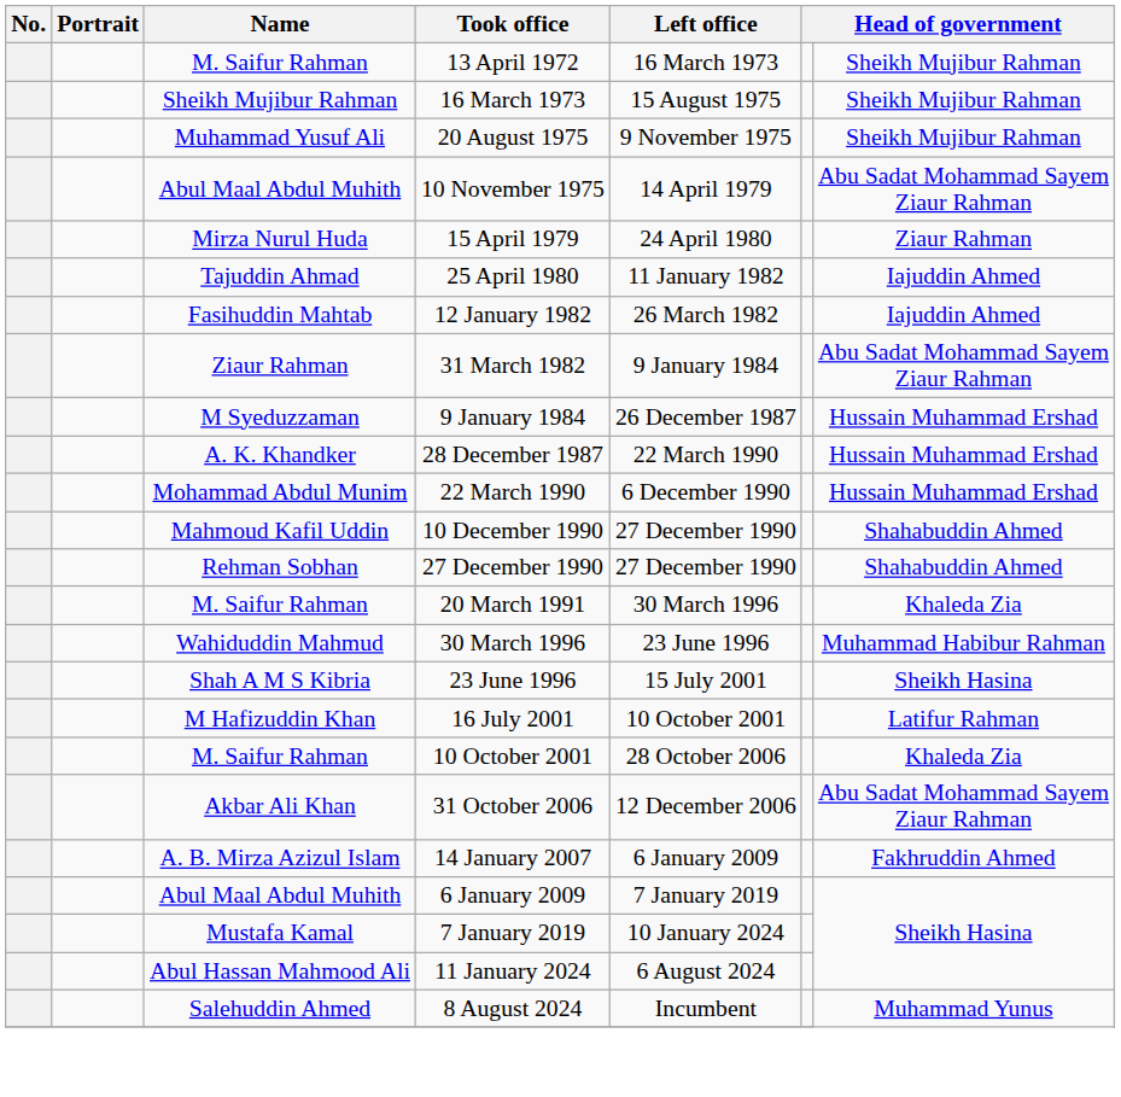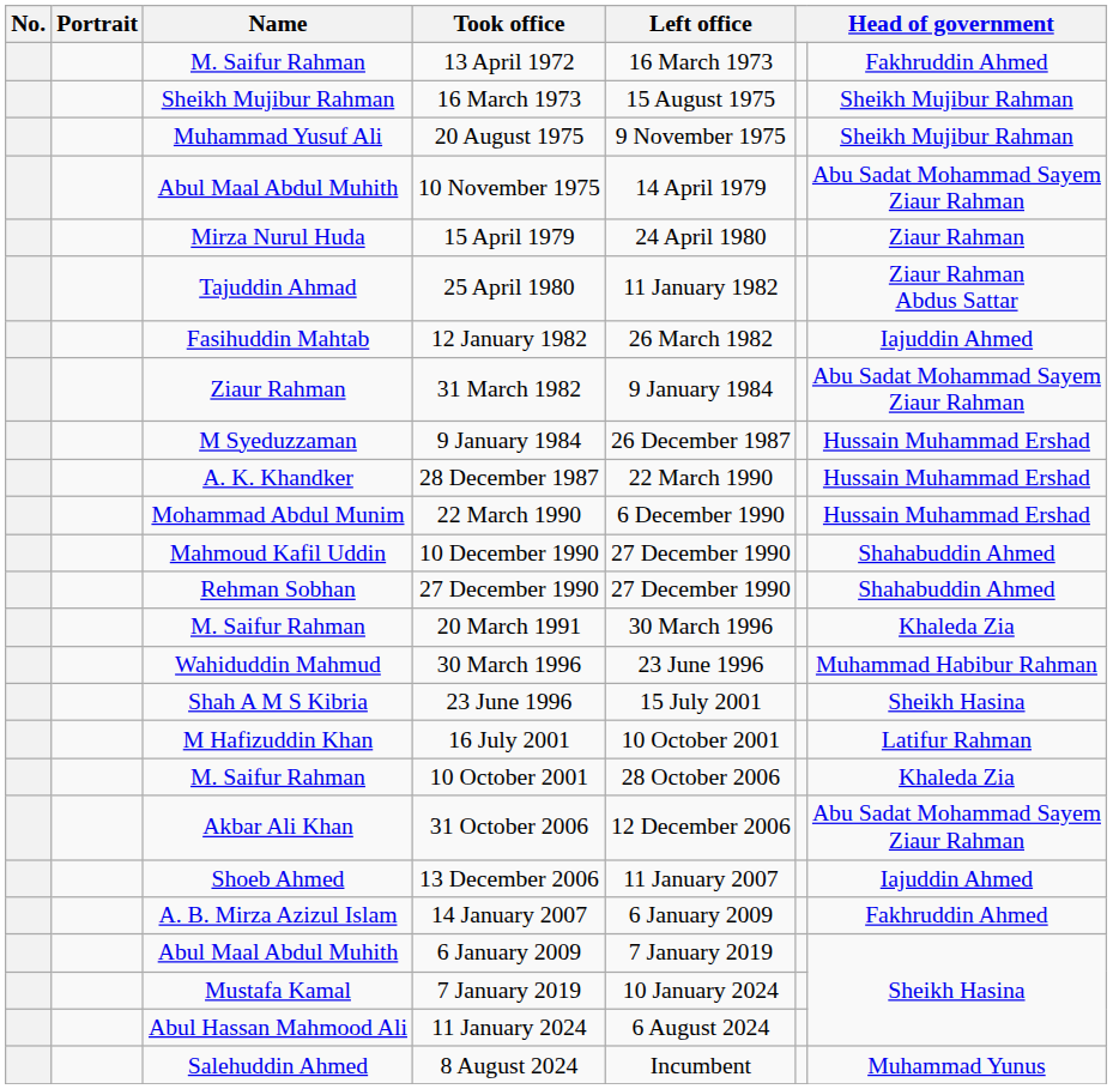 <table class="wikitable" style="clear:right; text-align:center"|}>
 <tr>
 <th>No.</th>
 <th>Portrait</th>
 <th>Name</th>
 <th>Took office</th>
 <th>Left office</th>
 <th colspan="2"><a href='#'>Head of government</a></th>
 </tr>
 <tr>
 <th></th>
 <td></td>
 <td><a href='#'>M. Saifur Rahman</a></td>
 <td>13 April 1972</td>
 <td>16 March 1973</td>
 <td style="background: "></td>
-<td><a href='#'>Sheikh Mujibur Rahman</a></td>
+<td><a href='#'>Fakhruddin Ahmed</a></td>
 </tr>
 <tr>
 <th></th>
 <td></td>
 <td><a href='#'>Sheikh Mujibur Rahman</a></td>
 <td>16 March 1973</td>
 <td>15 August 1975</td>
 <td style="background: "></td>
 <td><a href='#'>Sheikh Mujibur Rahman</a></td>
 </tr>
 <tr>
 <th></th>
 <td></td>
 <td><a href='#'>Muhammad Yusuf Ali</a></td>
 <td>20 August 1975</td>
 <td>9 November 1975</td>
 <td style="background: "></td>
 <td><a href='#'>Sheikh Mujibur Rahman</a></td>
 </tr>
 <tr>
 <th></th>
 <td></td>
 <td><a href='#'>Abul Maal Abdul Muhith</a></td>
 <td>10 November 1975</td>
 <td>14 April 1979</td>
 <td style="background: "></td>
 <td><a href='#'>Abu Sadat Mohammad Sayem</a><br><a href='#'>Ziaur Rahman</a></td>
 </tr>
 <tr>
 <th></th>
 <td></td>
 <td><a href='#'>Mirza Nurul Huda</a></td>
 <td>15 April 1979</td>
 <td>24 April 1980</td>
 <td style="background: "></td>
 <td><a href='#'>Ziaur Rahman</a></td>
 </tr>
 <tr>
 <th></th>
 <td></td>
 <td><a href='#'>Tajuddin Ahmad</a></td>
 <td>25 April 1980</td>
 <td>11 January 1982</td>
 <td style="background: "></td>
-<td><a href='#'>Iajuddin Ahmed</a></td>
+<td><a href='#'>Ziaur Rahman</a> <br><a href='#'>Abdus Sattar</a></td>
 </tr>
 <tr>
 <th></th>
 <td></td>
 <td><a href='#'>Fasihuddin Mahtab</a></td>
 <td>12 January 1982</td>
 <td>26 March 1982</td>
 <td style="background: "></td>
 <td><a href='#'>Iajuddin Ahmed</a></td>
 </tr>
 <tr>
 <th></th>
 <td></td>
 <td><a href='#'>Ziaur Rahman</a></td>
 <td>31 March 1982</td>
 <td>9 January 1984</td>
 <td style="background: "></td>
 <td><a href='#'>Abu Sadat Mohammad Sayem</a><br><a href='#'>Ziaur Rahman</a></td>
 </tr>
 <tr>
 <th></th>
 <td></td>
 <td><a href='#'>M Syeduzzaman</a></td>
 <td>9 January 1984</td>
 <td>26 December 1987</td>
 <td style="background: "></td>
 <td><a href='#'>Hussain Muhammad Ershad</a></td>
 </tr>
 <tr>
 <th></th>
 <td></td>
 <td><a href='#'>A. K. Khandker</a></td>
 <td>28 December 1987</td>
 <td>22 March 1990</td>
 <td style="background: "></td>
 <td><a href='#'>Hussain Muhammad Ershad</a></td>
 </tr>
 <tr>
 <th></th>
 <td></td>
 <td><a href='#'>Mohammad Abdul Munim</a></td>
 <td>22 March 1990</td>
 <td>6 December 1990</td>
 <td style="background: "></td>
 <td><a href='#'>Hussain Muhammad Ershad</a></td>
 </tr>
 <tr>
 <th></th>
 <td></td>
 <td><a href='#'>Mahmoud Kafil Uddin</a></td>
 <td>10 December 1990</td>
 <td>27 December 1990</td>
 <td style="background: "></td>
 <td><a href='#'>Shahabuddin Ahmed</a></td>
 </tr>
 <tr>
 <th></th>
 <td></td>
 <td><a href='#'>Rehman Sobhan</a></td>
 <td>27 December 1990</td>
 <td>27 December 1990</td>
 <td style="background: "></td>
 <td><a href='#'>Shahabuddin Ahmed</a></td>
 </tr>
 <tr>
 <th></th>
 <td></td>
 <td><a href='#'>M. Saifur Rahman</a></td>
 <td>20 March 1991</td>
 <td>30 March 1996</td>
 <td style="background: "></td>
 <td><a href='#'>Khaleda Zia</a></td>
 </tr>
 <tr>
 <th></th>
 <td></td>
 <td><a href='#'>Wahiduddin Mahmud</a></td>
 <td>30 March 1996</td>
 <td>23 June 1996</td>
 <td style="background: "></td>
 <td><a href='#'>Muhammad Habibur Rahman</a></td>
 </tr>
 <tr>
 <th></th>
 <td></td>
 <td><a href='#'>Shah A M S Kibria</a></td>
 <td>23 June 1996</td>
 <td>15 July 2001</td>
 <td style="background: "></td>
 <td><a href='#'>Sheikh Hasina</a></td>
 </tr>
 <tr>
 <th></th>
 <td></td>
 <td><a href='#'>M Hafizuddin Khan</a></td>
 <td>16 July 2001</td>
 <td>10 October 2001</td>
 <td style="background: "></td>
 <td><a href='#'>Latifur Rahman</a></td>
 </tr>
 <tr>
 <th></th>
 <td></td>
 <td><a href='#'>M. Saifur Rahman</a></td>
 <td>10 October 2001</td>
 <td>28 October 2006</td>
 <td style="background: "></td>
 <td><a href='#'>Khaleda Zia</a></td>
 </tr>
 <tr>
 <th></th>
 <td></td>
 <td><a href='#'>Akbar Ali Khan</a></td>
 <td>31 October 2006</td>
 <td>12 December 2006</td>
 <td style="background: "></td>
 <td><a href='#'>Abu Sadat Mohammad Sayem</a><br><a href='#'>Ziaur Rahman</a></td>
 </tr>
 <tr>
 <th></th>
 <td></td>
+<td><a href='#'>Shoeb Ahmed</a></td>
+<td>13 December 2006</td>
+<td>11 January 2007</td>
+<td style="background: "></td>
+<td><a href='#'>Iajuddin Ahmed</a></td>
+</tr>
+<tr>
+<th></th>
+<td></td>
 <td><a href='#'>A. B. Mirza Azizul Islam</a></td>
 <td>14 January 2007</td>
 <td>6 January 2009</td>
 <td style="background: "></td>
 <td><a href='#'>Fakhruddin Ahmed</a></td>
 </tr>
 <tr>
 <th></th>
 <td></td>
 <td><a href='#'>Abul Maal Abdul Muhith</a></td>
 <td>6 January 2009</td>
 <td>7 January 2019</td>
 <td style="background: "></td>
 <td rowspan="3"><a href='#'>Sheikh Hasina</a></td>
 </tr>
 <tr>
 <th></th>
 <td></td>
 <td><a href='#'>Mustafa Kamal</a></td>
 <td>7 January 2019</td>
 <td>10 January 2024</td>
 <td style="background: "></td>
 </tr>
 <tr>
 <th></th>
 <td></td>
 <td><a href='#'>Abul Hassan Mahmood Ali</a></td>
 <td>11 January 2024</td>
 <td>6 August 2024</td>
 <td style="background: "></td>
 </tr>
 <tr>
 <th></th>
 <td></td>
 <td><a href='#'>Salehuddin Ahmed</a></td>
 <td>8 August 2024</td>
 <td>Incumbent</td>
 <td style="background: "></td>
 <td rowspan="2"><a href='#'>Muhammad Yunus</a></td>
 </tr>
 <tr>
 </tr>
 </table>
